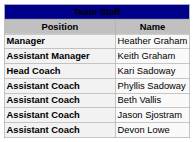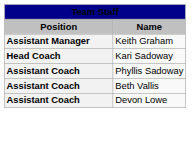 <table class="wikitable" style="text-align:left; font-size:90%;">
 <tr>
 <th style=background:DarkBlue colspan=2><span>Team Staff</span></th>
 </tr>
 <tr>
 <th width=60% style="background:silver;">Position</th>
 <th style="background:silver;">Name</th>
-</tr>
-<tr>
-<th style="text-align:left;">Manager</th>
-<td>Heather Graham</td>
 </tr>
 <tr>
 <th style="text-align:left;">Assistant Manager</th>
 <td>Keith Graham</td>
 </tr>
 <tr>
 <th style="text-align:left;">Head Coach</th>
 <td>Kari Sadoway</td>
 </tr>
 <tr>
 <th style="text-align:left;">Assistant Coach</th>
 <td>Phyllis Sadoway</td>
 </tr>
 <tr>
 <th style="text-align:left;">Assistant Coach</th>
 <td>Beth Vallis</td>
 </tr>
 <tr>
 <th style="text-align:left;">Assistant Coach</th>
-<td>Jason Sjostram</td>
-</tr>
-<tr>
-<th style="text-align:left;">Assistant Coach</th>
 <td>Devon Lowe </td>
 </tr>
 </table>
